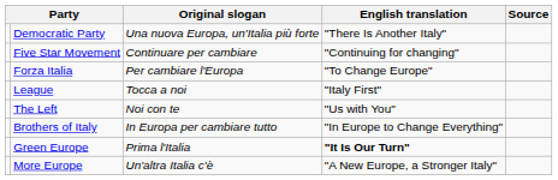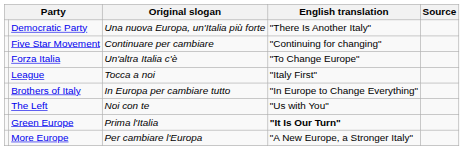 <table class=wikitable style=text-align:left>
 <tr>
 <th colspan=2>Party</th>
 <th>Original slogan</th>
 <th>English translation</th>
 <th>Source</th>
 </tr>
 <tr>
 <td></td>
 <td><a href='#'>Democratic Party</a></td>
 <td><em>Una nuova Europa, un'Italia più forte</em></td>
 <td>"There Is Another Italy"</td>
 <td></td>
 </tr>
 <tr>
 <td></td>
 <td><a href='#'>Five Star Movement</a></td>
 <td><em>Continuare per cambiare</em></td>
 <td>"Continuing for changing"</td>
 <td></td>
 </tr>
 <tr>
 <td></td>
 <td><a href='#'>Forza Italia</a></td>
-<td><em>Per cambiare l'Europa</em></td>
+<td><em>Un'altra Italia c'è</em></td>
 <td>"To Change Europe"</td>
 <td></td>
 </tr>
 <tr>
 <td></td>
 <td><a href='#'>League</a></td>
 <td><em>Tocca a noi</em></td>
 <td>"Italy First"</td>
 <td></td>
 </tr>
 <tr>
 <td></td>
-<td><a href='#'>The Left</a></td>
-<td><em>Noi con te</em></td>
-<td>"Us with You"</td>
+<td><a href='#'>Brothers of Italy</a></td>
+<td><em>In Europa per cambiare tutto</em></td>
+<td>"In Europe to Change Everything"</td>
 <td></td>
 </tr>
 <tr>
 <td></td>
-<td><a href='#'>Brothers of Italy</a></td>
-<td><em>In Europa per cambiare tutto</em></td>
-<td>"In Europe to Change Everything"</td>
+<td><a href='#'>The Left</a></td>
+<td><em>Noi con te</em></td>
+<td>"Us with You"</td>
 <td></td>
 </tr>
 <tr>
 <td></td>
 <td><a href='#'>Green Europe</a></td>
 <td><em>Prima l'Italia</em></td>
 <td><strong>"It Is Our Turn"</strong></td>
 <td></td>
 </tr>
 <tr>
 <td></td>
 <td><a href='#'>More Europe</a></td>
-<td><em>Un'altra Italia c'è</em></td>
+<td><em>Per cambiare l'Europa</em></td>
 <td>"A New Europe, a Stronger Italy"</td>
 <td></td>
 </tr>
 </table>
